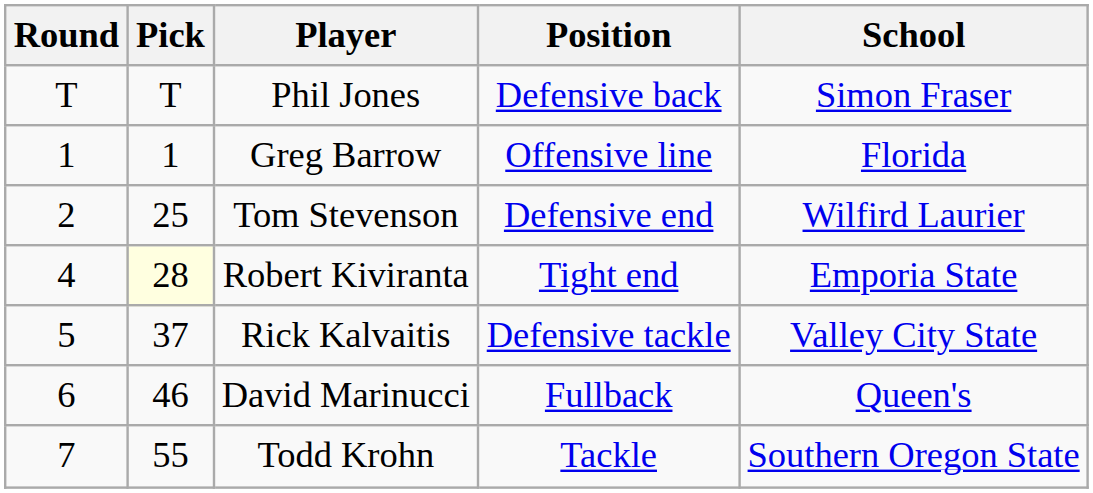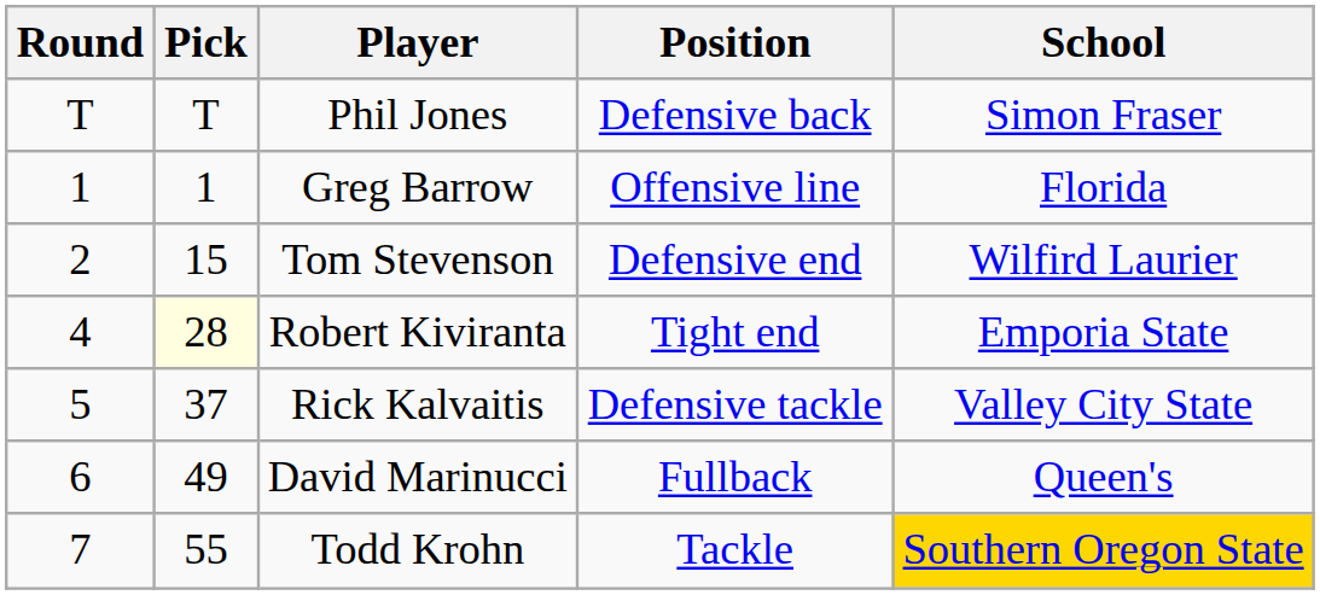 <table class="wikitable" style="font-size: 95%;">
 <tr>
 <th scope="col">Round</th>
 <th scope="col">Pick</th>
 <th scope="col">Player</th>
 <th scope="col">Position</th>
 <th scope="col">School</th>
 </tr>
 <tr align="center">
 <td align=center>T</td>
 <td>T</td>
 <td>Phil Jones</td>
 <td><a href='#'>Defensive back</a></td>
 <td><a href='#'>Simon Fraser</a></td>
 </tr>
 <tr align="center">
 <td align=center>1</td>
 <td>1</td>
 <td>Greg Barrow</td>
 <td><a href='#'>Offensive line</a></td>
 <td><a href='#'>Florida</a></td>
 </tr>
 <tr align="center">
 <td align=center>2</td>
-<td>25</td>
+<td>15</td>
 <td>Tom Stevenson</td>
 <td><a href='#'>Defensive end</a></td>
 <td><a href='#'>Wilfird Laurier</a></td>
 </tr>
 <tr align="center">
 <td align=center>4</td>
 <td style="background: lightyellow;">28</td>
 <td>Robert Kiviranta</td>
 <td><a href='#'>Tight end</a></td>
 <td><a href='#'>Emporia State</a></td>
 </tr>
 <tr align="center">
 <td align=center>5</td>
 <td>37</td>
 <td>Rick Kalvaitis</td>
 <td><a href='#'>Defensive tackle</a></td>
 <td><a href='#'>Valley City State</a></td>
 </tr>
 <tr align="center">
 <td align=center>6</td>
-<td>46</td>
+<td>49</td>
 <td>David Marinucci</td>
 <td><a href='#'>Fullback</a></td>
 <td><a href='#'>Queen's</a></td>
 </tr>
 <tr align="center">
 <td align=center>7</td>
 <td>55</td>
 <td>Todd Krohn</td>
 <td><a href='#'>Tackle</a></td>
-<td><a href='#'>Southern Oregon State</a></td>
+<td style="background: gold;"><a href='#'>Southern Oregon State</a></td>
 </tr>
 </table>
